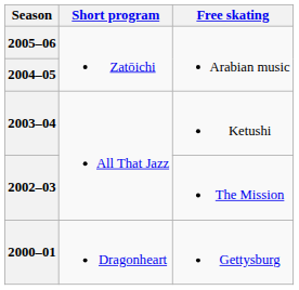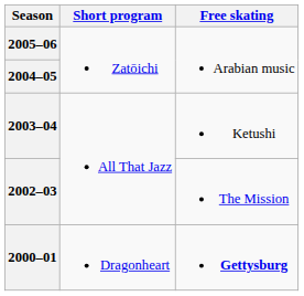 <table class=wikitable style=text-align:center>
 <tr>
 <th>Season</th>
 <th><a href='#'>Short program</a></th>
 <th><a href='#'>Free skating</a></th>
 </tr>
 <tr>
 <th>2005–06 <br> </th>
 <td rowspan=2><br><ul><li><a href='#'>Zatōichi</a> <br></li></ul></td>
 <td rowspan=2><br><ul><li>Arabian music</li></ul></td>
 </tr>
 <tr>
 <th>2004–05 <br> </th>
 </tr>
 <tr>
 <th>2003–04 <br> </th>
 <td rowspan=2><br><ul><li><a href='#'>All That Jazz</a> <br></li></ul></td>
 <td><br><ul><li>Ketushi</li></ul></td>
 </tr>
 <tr>
 <th>2002–03 <br> </th>
 <td><br><ul><li><a href='#'>The Mission</a> <br></li></ul></td>
 </tr>
 <tr>
 <th>2000–01 <br> </th>
 <td><br><ul><li><a href='#'>Dragonheart</a> <br></li></ul></td>
-<td><br><ul><li><a href='#'>Gettysburg</a> <br></li></ul></td>
+<td><strong><br><ul><li><a href='#'>Gettysburg</a> <br></li></ul></strong></td>
 </tr>
 </table>
